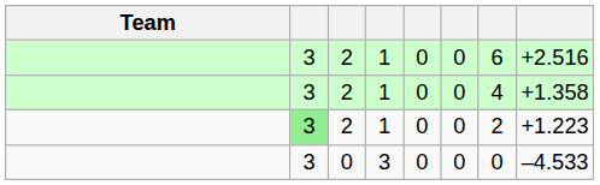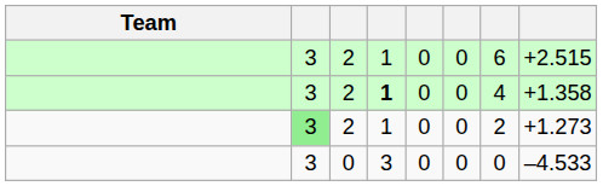 <table class="wikitable" style="text-align:center">
 <tr>
 <th width=200>Team</th>
 <th width=20></th>
 <th width=20></th>
 <th width=20></th>
 <th width=20></th>
 <th width=20></th>
 <th width=20></th>
 <th width=45></th>
 </tr>
 <tr bgcolor=ccffcc>
 <td align="left"></td>
 <td>3</td>
 <td>2</td>
 <td>1</td>
 <td>0</td>
 <td>0</td>
 <td>6</td>
-<td>+2.516</td>
+<td>+2.515</td>
 </tr>
 <tr bgcolor=ccffcc>
 <td align="left"></td>
 <td>3</td>
 <td>2</td>
-<td>1</td>
+<td><strong>1</strong></td>
 <td>0</td>
 <td>0</td>
 <td>4</td>
 <td>+1.358</td>
 </tr>
 <tr>
 <td align="left"></td>
 <td style="background: lightgreen;">3</td>
 <td>2</td>
 <td>1</td>
 <td>0</td>
 <td>0</td>
 <td>2</td>
-<td>+1.223</td>
+<td>+1.273</td>
 </tr>
 <tr>
 <td align="left"></td>
 <td>3</td>
 <td>0</td>
 <td>3</td>
 <td>0</td>
 <td>0</td>
 <td>0</td>
 <td>–4.533</td>
 </tr>
 </table>
